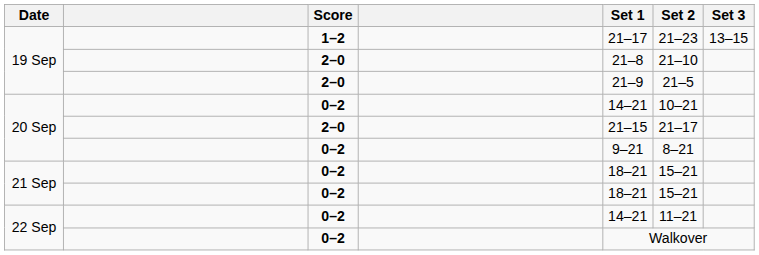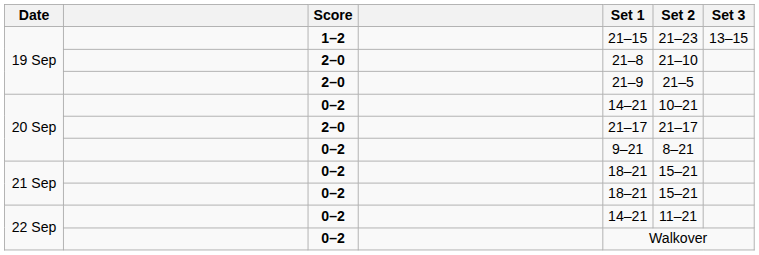 <table class="wikitable" style="text-align: center;">
 <tr>
 <th width="60">Date</th>
 <th align="right" width="270"></th>
 <th width="50">Score</th>
 <th align="left" width="270"></th>
 <th width="50">Set 1</th>
 <th width="50">Set 2</th>
 <th width="50">Set 3</th>
 </tr>
 <tr>
 <td rowspan=3>19 Sep</td>
 <td align=left></td>
 <td align=center><strong>1–2</strong></td>
 <td align=left><strong></strong></td>
-<td>21–17</td>
+<td>21–15</td>
 <td>21–23</td>
 <td>13–15</td>
 </tr>
 <tr>
 <td align=left><strong></strong></td>
 <td align=center><strong>2–0</strong></td>
 <td align=left></td>
 <td>21–8</td>
 <td>21–10</td>
 <td></td>
 </tr>
 <tr>
 <td align=left><strong></strong></td>
 <td align=center><strong>2–0</strong></td>
 <td align=left></td>
 <td>21–9</td>
 <td>21–5</td>
 <td></td>
 </tr>
 <tr>
 <td rowspan=3>20 Sep</td>
 <td align=left></td>
 <td align=center><strong>0–2</strong></td>
 <td align=left><strong></strong></td>
 <td>14–21</td>
 <td>10–21</td>
 <td></td>
 </tr>
 <tr>
 <td align=left><strong></strong></td>
 <td align=center><strong>2–0</strong></td>
 <td align=left></td>
-<td>21–15</td>
+<td>21–17</td>
 <td>21–17</td>
 <td></td>
 </tr>
 <tr>
 <td align=left></td>
 <td align=center><strong>0–2</strong></td>
 <td align=left><strong></strong></td>
 <td>9–21</td>
 <td>8–21</td>
 <td></td>
 </tr>
 <tr>
 <td rowspan=2>21 Sep</td>
 <td align=left></td>
 <td align=center><strong>0–2</strong></td>
 <td align=left><strong></strong></td>
 <td>18–21</td>
 <td>15–21</td>
 <td></td>
 </tr>
 <tr>
 <td align=left></td>
 <td align=center><strong>0–2</strong></td>
 <td align=left><strong></strong></td>
 <td>18–21</td>
 <td>15–21</td>
 <td></td>
 </tr>
 <tr>
 <td rowspan=2>22 Sep</td>
 <td align=left></td>
 <td align=center><strong>0–2</strong></td>
 <td align=left><strong></strong></td>
 <td>14–21</td>
 <td>11–21</td>
 <td></td>
 </tr>
 <tr>
 <td align=left></td>
 <td align=center><strong>0–2</strong></td>
 <td align=left><strong></strong></td>
 <td colspan=3>Walkover</td>
 </tr>
 </table>
